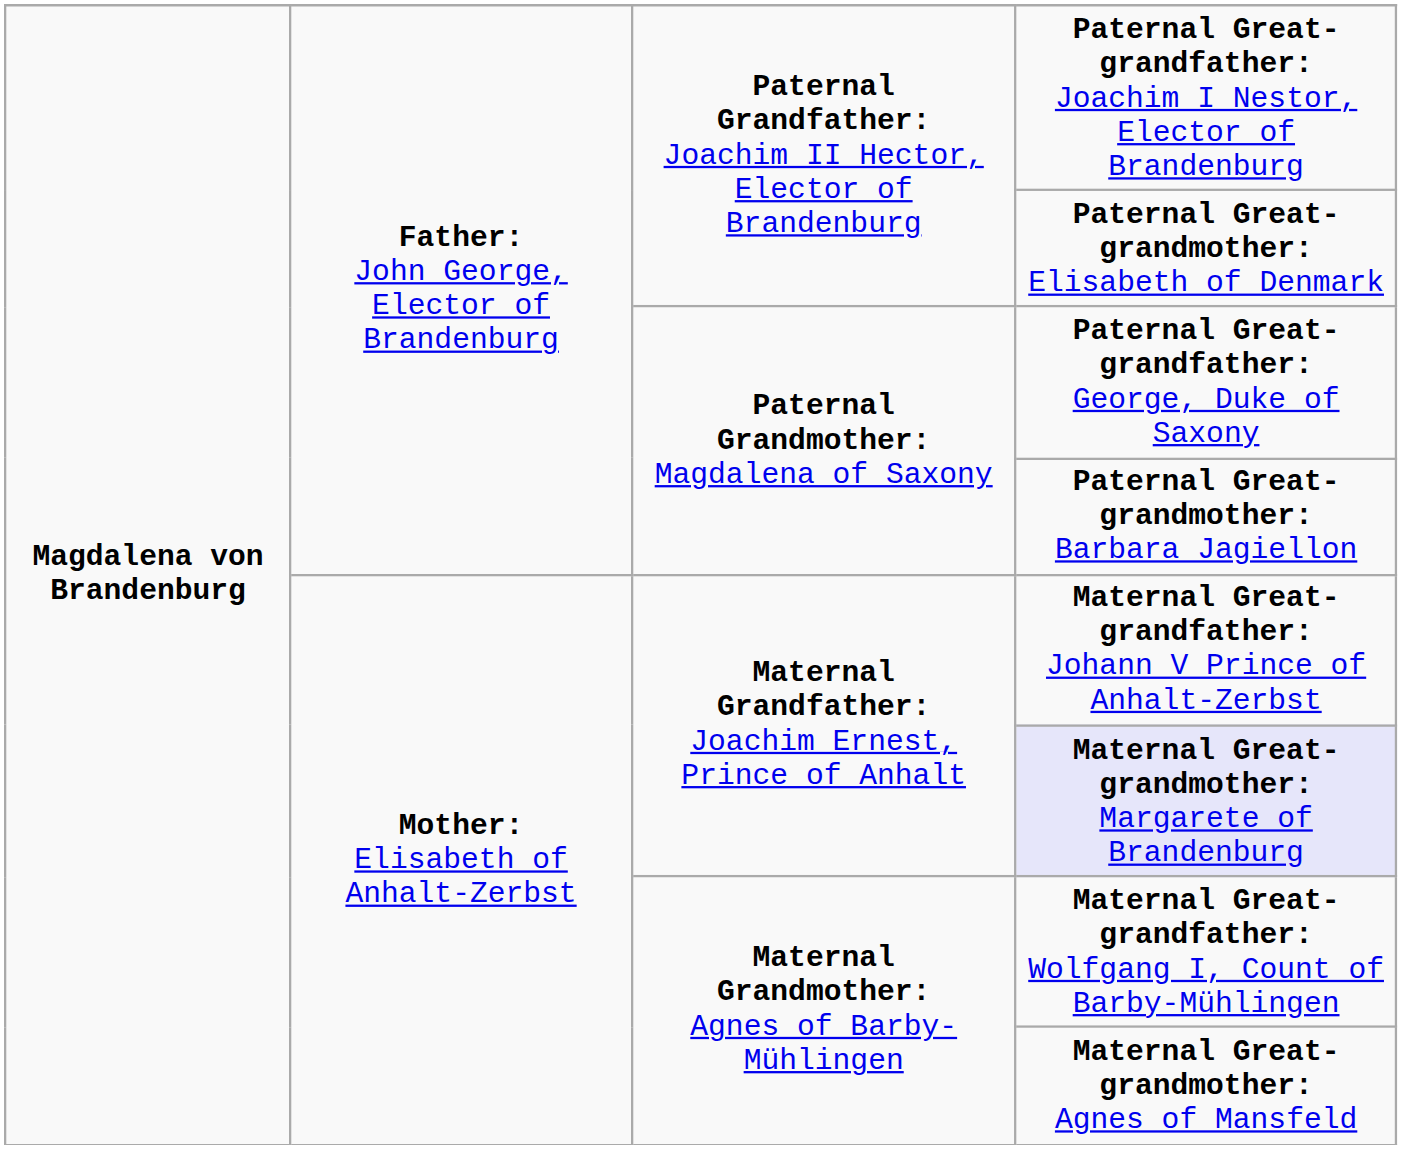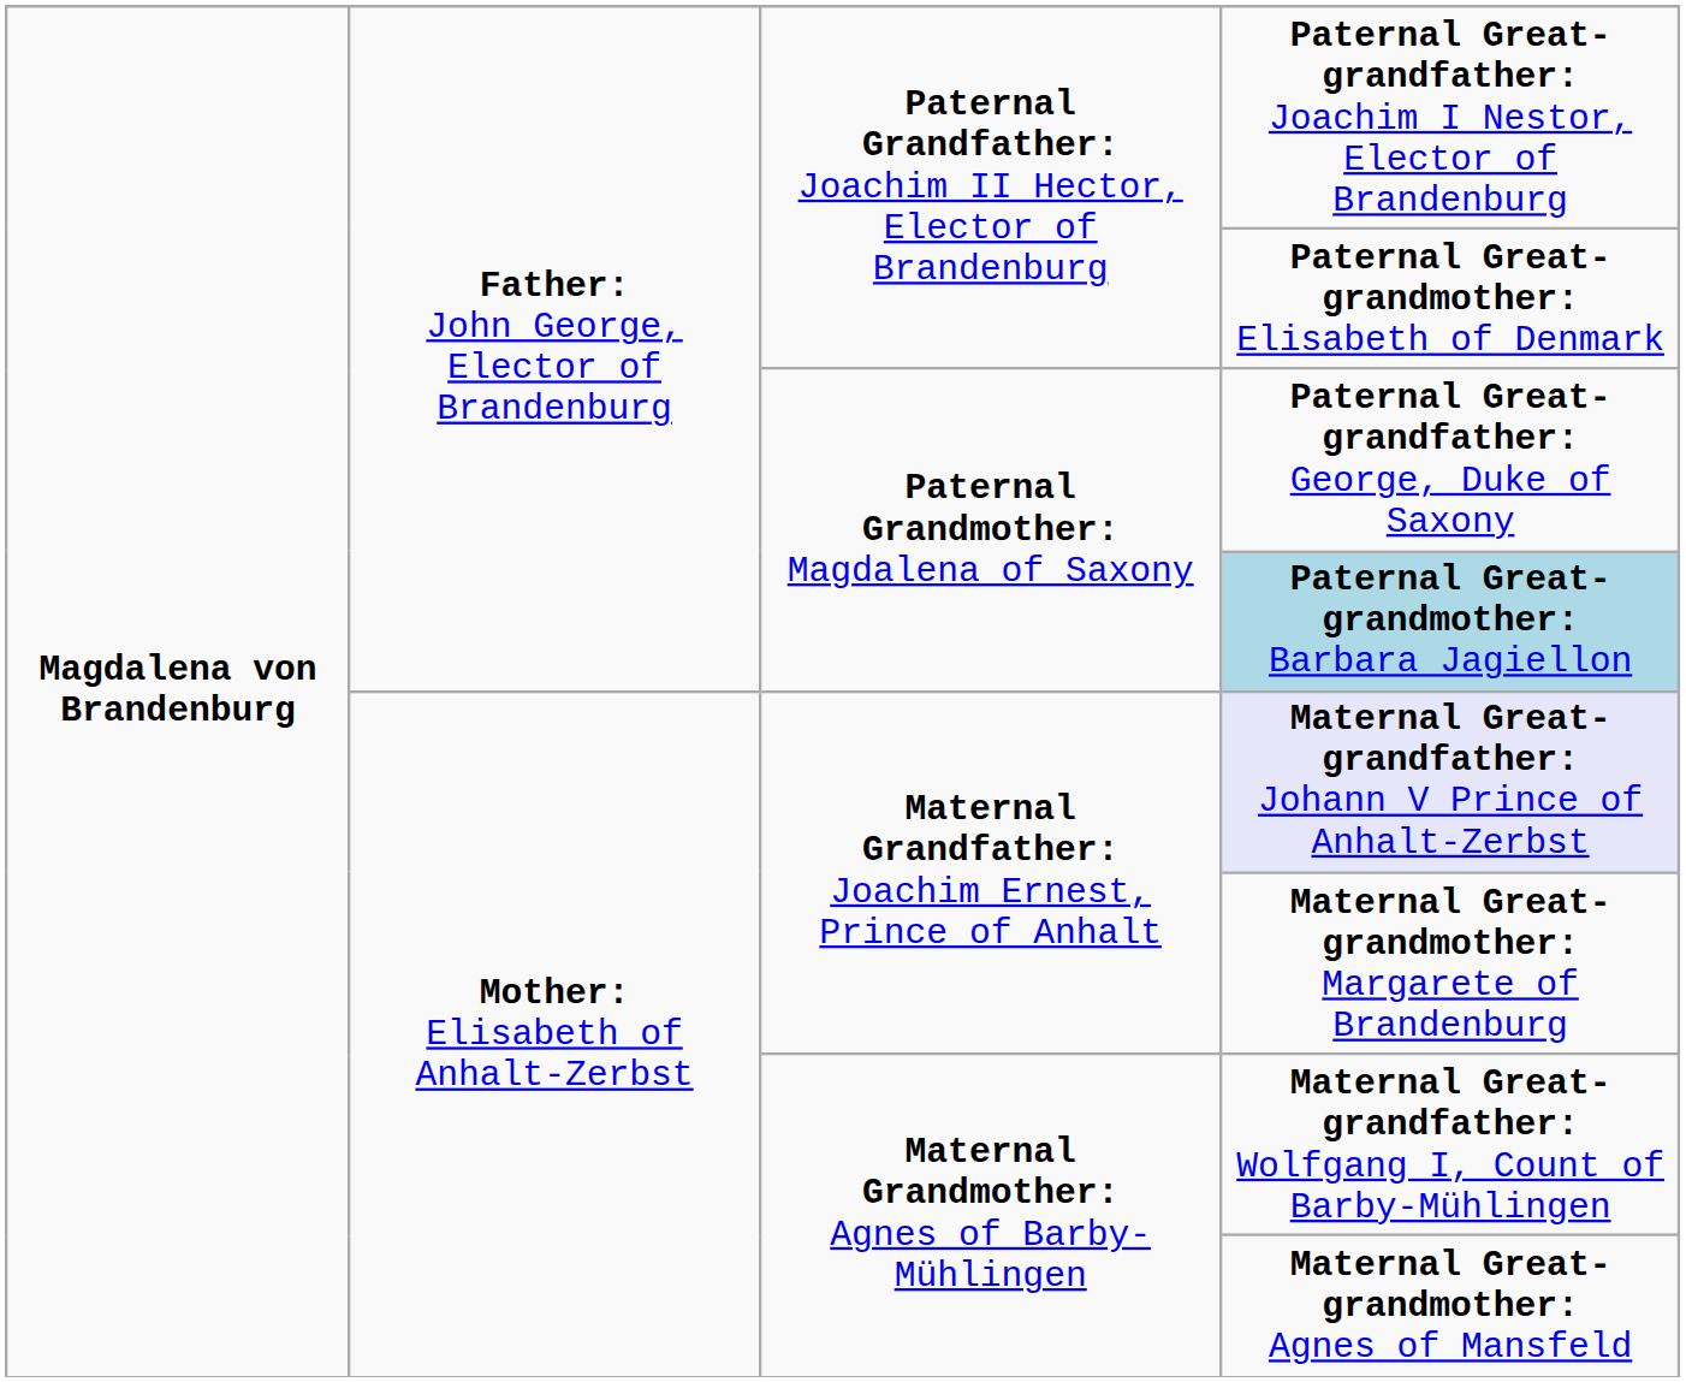 <table class="wikitable">
 <tr>
 </tr>
 <tr>
 <td rowspan="8" align="center"><strong>Magdalena von Brandenburg</strong></td>
 <td rowspan="4" align="center"><strong>Father:</strong><br><a href='#'>John George, Elector of Brandenburg</a></td>
 <td rowspan="2" align="center"><strong>Paternal Grandfather:</strong><br><a href='#'>Joachim II Hector, Elector of Brandenburg</a></td>
 <td align="center"><strong>Paternal Great-grandfather:</strong><br><a href='#'>Joachim I Nestor, Elector of Brandenburg</a></td>
 </tr>
 <tr>
 <td align="center"><strong>Paternal Great-grandmother:</strong><br><a href='#'>Elisabeth of Denmark</a></td>
 </tr>
 <tr>
 <td rowspan="2" align="center"><strong>Paternal Grandmother:</strong><br><a href='#'>Magdalena of Saxony</a></td>
 <td align="center"><strong>Paternal Great-grandfather:</strong><br><a href='#'>George, Duke of Saxony</a></td>
 </tr>
 <tr>
-<td align="center"><strong>Paternal Great-grandmother:</strong><br><a href='#'>Barbara Jagiellon</a></td>
+<td align="center" style="background: lightblue;"><strong>Paternal Great-grandmother:</strong><br><a href='#'>Barbara Jagiellon</a></td>
 </tr>
 <tr>
 <td rowspan="4" align="center"><strong>Mother:</strong><br><a href='#'>Elisabeth of Anhalt-Zerbst</a></td>
 <td rowspan="2" align="center"><strong>Maternal Grandfather:</strong><br><a href='#'>Joachim Ernest, Prince of Anhalt</a></td>
-<td align="center"><strong>Maternal Great-grandfather:</strong><br><a href='#'>Johann V Prince of Anhalt-Zerbst</a></td>
+<td align="center" style="background: lavender;"><strong>Maternal Great-grandfather:</strong><br><a href='#'>Johann V Prince of Anhalt-Zerbst</a></td>
 </tr>
 <tr>
-<td align="center" style="background: lavender;"><strong>Maternal Great-grandmother:</strong><br> <a href='#'>Margarete of Brandenburg</a></td>
+<td align="center"><strong>Maternal Great-grandmother:</strong><br> <a href='#'>Margarete of Brandenburg</a></td>
 </tr>
 <tr>
 <td rowspan="2" align="center"><strong>Maternal Grandmother:</strong><br><a href='#'>Agnes of Barby-Mühlingen</a></td>
 <td align="center"><strong>Maternal Great-grandfather:</strong><br> <a href='#'>Wolfgang I, Count of Barby-Mühlingen</a></td>
 </tr>
 <tr>
 <td align="center"><strong>Maternal Great-grandmother:</strong><br> <a href='#'>Agnes of Mansfeld</a></td>
 </tr>
 </table>
